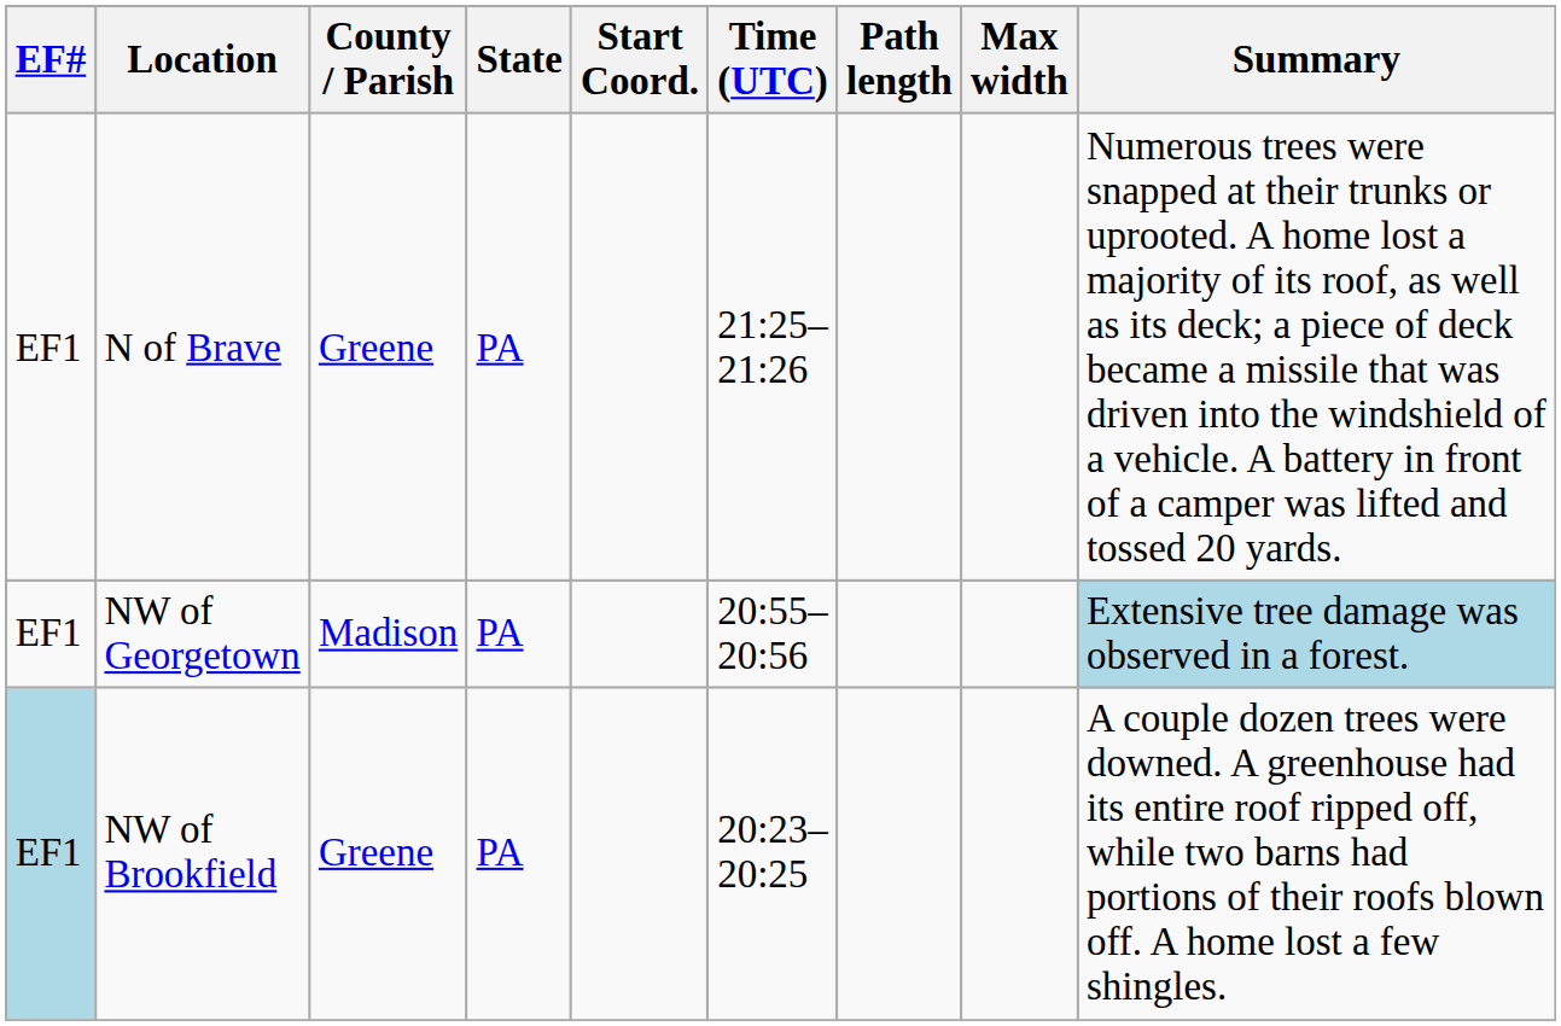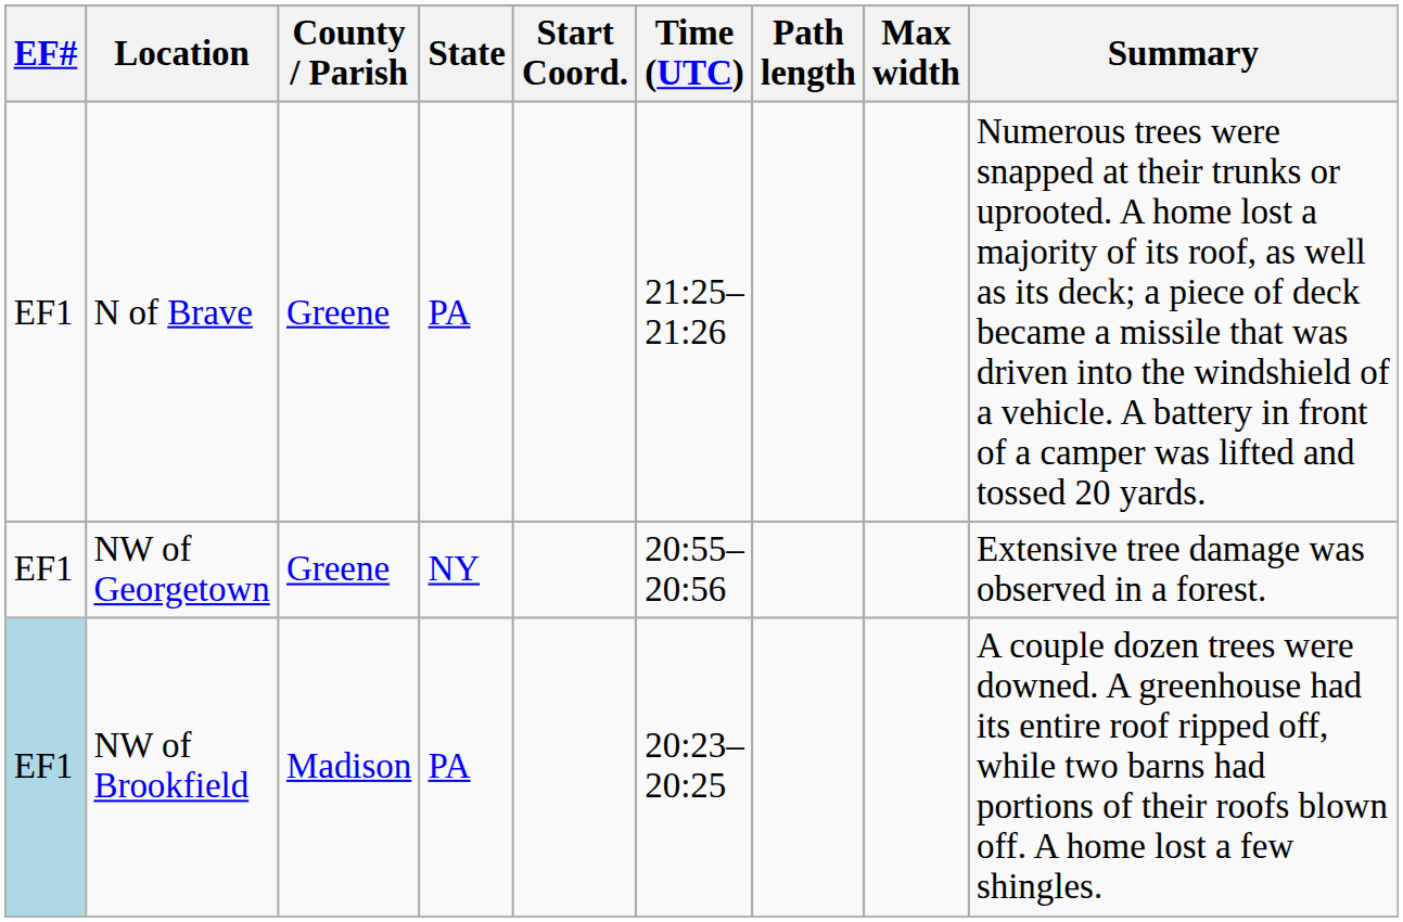 <table class="wikitable sortable" style="width:100%;">
 <tr>
 <th scope="col"  style="width:3%; text-align:center;"><a href='#'>EF#</a></th>
 <th scope="col"  style="width:7%; text-align:center;" class="unsortable">Location</th>
 <th scope="col"  style="width:6%; text-align:center;" class="unsortable">County / Parish</th>
 <th scope="col"  style="width:5%; text-align:center;">State</th>
 <th scope="col"  style="width:6%; text-align:center;">Start Coord.</th>
 <th scope="col"  style="width:6%; text-align:center;">Time (<a href='#'>UTC</a>)</th>
 <th scope="col"  style="width:6%; text-align:center;">Path length</th>
 <th scope="col"  style="width:6%; text-align:center;">Max width</th>
 <th scope="col" class="unsortable" style="width:48%; text-align:center;">Summary</th>
 </tr>
 <tr>
 <td>EF1</td>
 <td>N of <a href='#'>Brave</a></td>
 <td><a href='#'>Greene</a></td>
 <td><a href='#'>PA</a></td>
 <td></td>
 <td>21:25–21:26</td>
 <td></td>
 <td></td>
 <td>Numerous trees were snapped at their trunks or uprooted. A home lost a majority of its roof, as well as its deck; a piece of deck became a missile that was driven into the windshield of a vehicle. A  battery in front of a camper was lifted and tossed 20 yards.</td>
 </tr>
 <tr>
 <td>EF1</td>
 <td>NW of <a href='#'>Georgetown</a></td>
-<td><a href='#'>Madison</a></td>
-<td><a href='#'>PA</a></td>
+<td><a href='#'>Greene</a></td>
+<td><a href='#'>NY</a></td>
 <td></td>
 <td>20:55–20:56</td>
 <td></td>
 <td></td>
-<td style="background: lightblue;">Extensive tree damage was observed in a forest.</td>
+<td>Extensive tree damage was observed in a forest.</td>
 </tr>
 <tr>
 <td style="background: lightblue;">EF1</td>
 <td>NW of <a href='#'>Brookfield</a></td>
-<td><a href='#'>Greene</a></td>
+<td><a href='#'>Madison</a></td>
 <td><a href='#'>PA</a></td>
 <td></td>
 <td>20:23–20:25</td>
 <td></td>
 <td></td>
 <td>A couple dozen trees were downed. A greenhouse had its entire roof ripped off, while two barns had portions of their roofs blown off. A home lost a few shingles.</td>
 </tr>
 <tr>
 </tr>
 </table>
